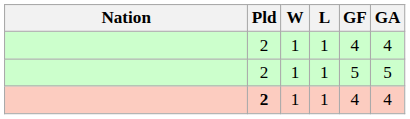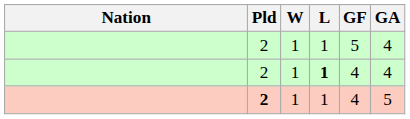 <table class=wikitable style="text-align:center">
 <tr>
 <th width=220>Nation</th>
 <th width=20>Pld</th>
 <th width=20>W</th>
 <th width=20>L</th>
 <th width=20>GF</th>
 <th width=20>GA</th>
 </tr>
 <tr bgcolor="#ccffcc">
 <td align=left></td>
 <td>2</td>
 <td>1</td>
 <td>1</td>
-<td>4</td>
+<td>5</td>
 <td>4</td>
 </tr>
 <tr bgcolor="#ccffcc">
 <td align=left></td>
 <td>2</td>
 <td>1</td>
-<td>1</td>
-<td>5</td>
-<td>5</td>
+<td><strong>1</strong></td>
+<td>4</td>
+<td>4</td>
 </tr>
 <tr bgcolor="#fcccc">
 <td align=left></td>
 <td><strong>2</strong></td>
 <td>1</td>
 <td>1</td>
 <td>4</td>
-<td>4</td>
+<td>5</td>
 </tr>
 </table>
